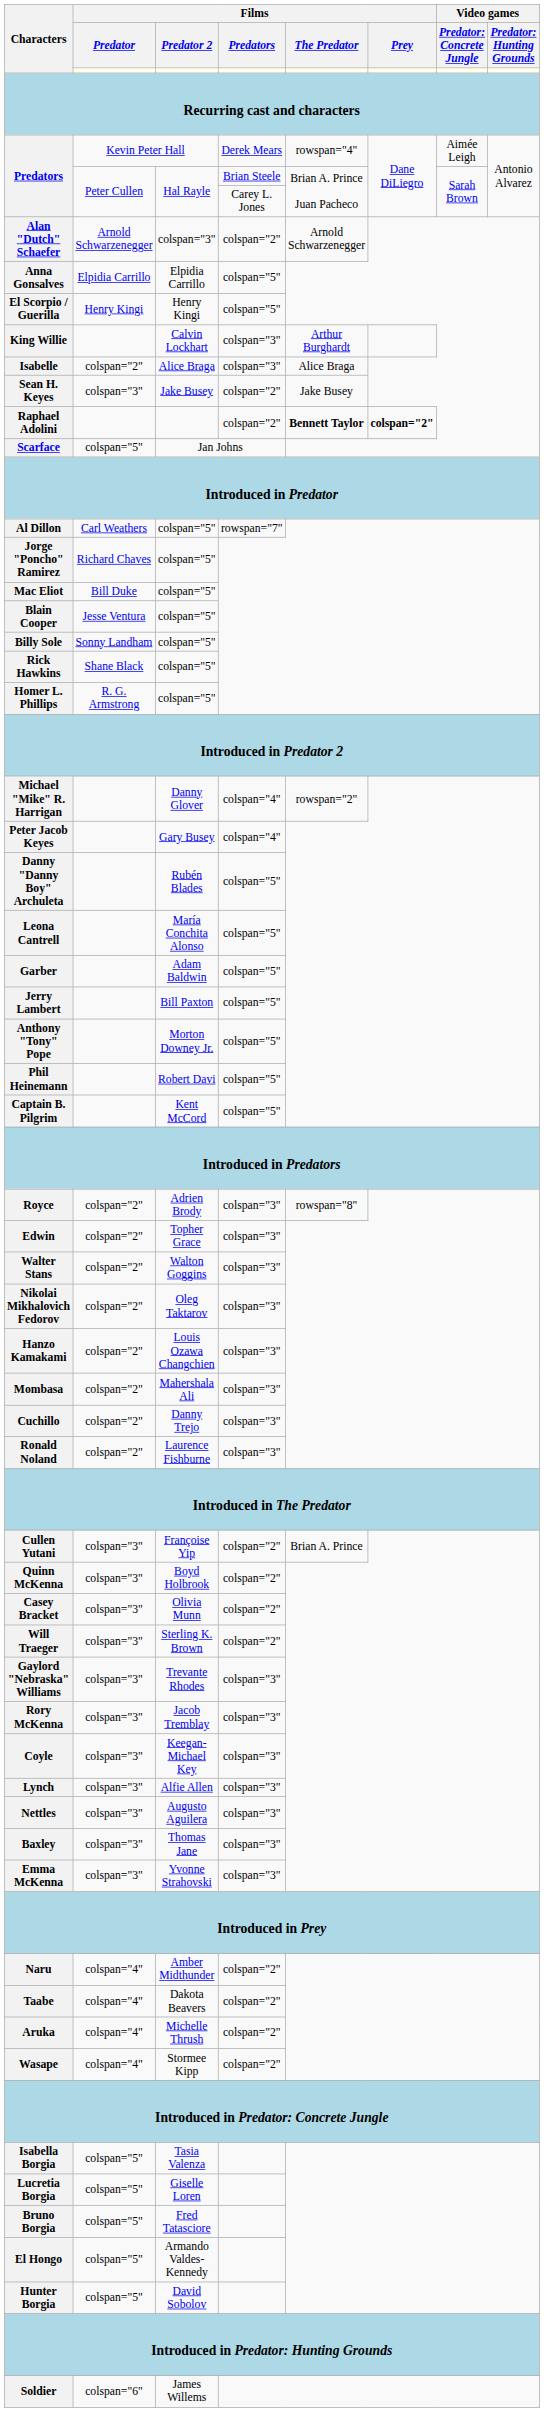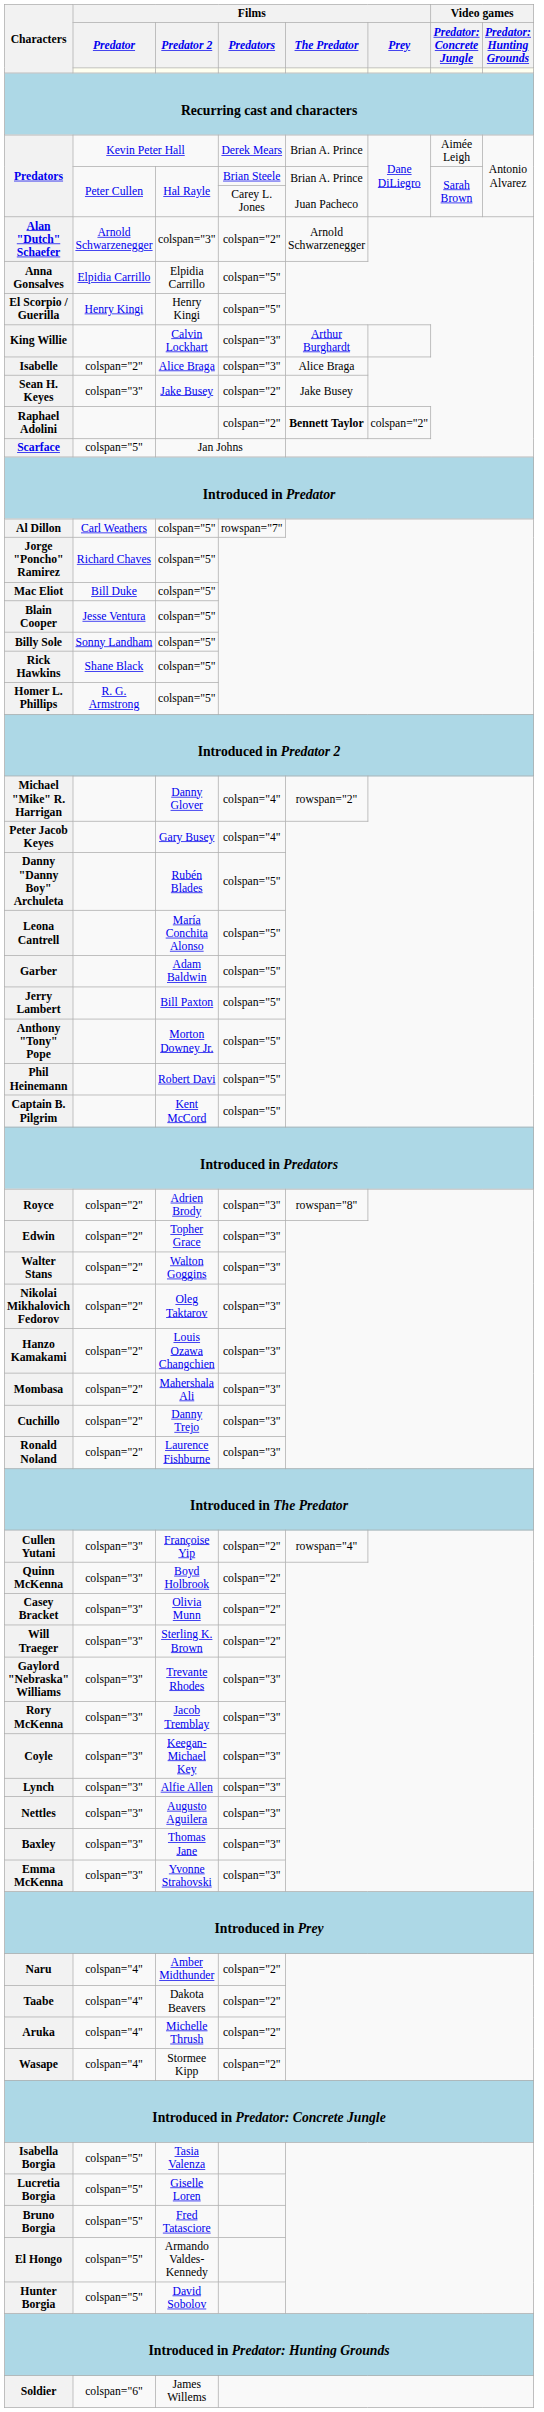 <table class="wikitable plainrowheaders" style="text-align:center;">
 <tr>
 <th scope="col" rowspan="3" align="center">Characters</th>
 <th scope="col" colspan="5">Films</th>
 <th scope="col" colspan="2">Video games</th>
 </tr>
 <tr>
 <th scope="col" align="center"><em><a href='#'>Predator</a></em></th>
 <th scope="col" align="center"><em><a href='#'>Predator 2</a></em></th>
 <th scope="col" align="center"><em><a href='#'>Predators</a></em></th>
 <th scope="col" align="center"><em><a href='#'>The Predator</a></em></th>
 <th scope="col" align="center"><em><a href='#'>Prey</a></em></th>
 <th scope="col" align="center"><em><a href='#'>Predator:<br>Concrete Jungle</a></em></th>
 <th scope="col" align="center"><em><a href='#'>Predator:<br>Hunting Grounds</a></em></th>
 </tr>
 <tr>
 <td style="background:ivory;"></td>
 <td style="background:ivory;"></td>
 <td style="background:ivory;"></td>
 <td style="background:ivory;"></td>
 <td style="background:ivory;"></td>
 <td style="background:ivory;"></td>
 <td style="background:ivory;"></td>
 </tr>
 <tr>
 <th colspan="8" style="background:lightblue;"><br><h3>Recurring cast and characters</h3></th>
 </tr>
 <tr>
 <th rowspan="3"><a href='#'>Predators</a></th>
 <td colspan="2"><a href='#'>Kevin Peter Hall</a></td>
 <td><a href='#'>Derek Mears</a><br></td>
-<td>rowspan="4" </td>
+<td>Brian A. Prince<br></td>
 <td rowspan="3"><a href='#'>Dane DiLiegro</a></td>
 <td>Aimée Leigh</td>
 <td rowspan="3">Antonio Alvarez</td>
 </tr>
 <tr>
 <td rowspan="2"><a href='#'>Peter Cullen</a></td>
 <td rowspan="2"><a href='#'>Hal Rayle</a></td>
 <td><a href='#'>Brian Steele</a><br></td>
 <td rowspan="2">Brian A. Prince<br><br>Juan Pacheco</td>
 <td rowspan="2"><a href='#'>Sarah Brown</a></td>
 </tr>
 <tr>
 <td>Carey L. Jones<br></td>
 </tr>
 <tr>
 <th><a href='#'>Alan "Dutch" Schaefer</a></th>
 <td><a href='#'>Arnold Schwarzenegger</a></td>
 <td>colspan="3" </td>
 <td>colspan="2" </td>
 <td>Arnold Schwarzenegger</td>
 </tr>
 <tr>
 <th>Anna Gonsalves</th>
 <td><a href='#'>Elpidia Carrillo</a></td>
 <td>Elpidia Carrillo</td>
 <td>colspan="5" </td>
 </tr>
 <tr>
 <th>El Scorpio / Guerilla</th>
 <td><a href='#'>Henry Kingi</a></td>
 <td>Henry Kingi</td>
 <td>colspan="5" </td>
 </tr>
 <tr>
 <th>King Willie</th>
 <td></td>
 <td><a href='#'>Calvin Lockhart</a></td>
 <td>colspan="3" </td>
 <td><a href='#'>Arthur Burghardt</a></td>
 <td></td>
 </tr>
 <tr>
 <th>Isabelle</th>
 <td>colspan="2" </td>
 <td><a href='#'>Alice Braga</a></td>
 <td>colspan="3" </td>
 <td>Alice Braga</td>
 </tr>
 <tr>
 <th>Sean H. Keyes</th>
 <td>colspan="3" </td>
 <td><a href='#'>Jake Busey</a></td>
 <td>colspan="2" </td>
 <td>Jake Busey</td>
 </tr>
 <tr>
 <th>Raphael Adolini</th>
 <td></td>
 <td></td>
 <td>colspan="2" </td>
 <td><strong>Bennett Taylor</strong></td>
-<td><strong>colspan="2" </strong></td>
+<td>colspan="2" </td>
 </tr>
 <tr>
 <th><a href='#'>Scarface</a></th>
 <td>colspan="5" </td>
 <td colspan="2">Jan Johns</td>
 </tr>
 <tr>
 <th colspan="8" style="background:lightblue;"><br><h3>Introduced in <em>Predator</em></h3></th>
 </tr>
 <tr>
 <th>Al Dillon</th>
 <td><a href='#'>Carl Weathers</a></td>
 <td>colspan="5" </td>
 <td>rowspan="7" </td>
 </tr>
 <tr>
 <th>Jorge "Poncho" Ramirez</th>
 <td><a href='#'>Richard Chaves</a></td>
 <td>colspan="5" </td>
 </tr>
 <tr>
 <th>Mac Eliot</th>
 <td><a href='#'>Bill Duke</a></td>
 <td>colspan="5" </td>
 </tr>
 <tr>
 <th>Blain Cooper</th>
 <td><a href='#'>Jesse Ventura</a></td>
 <td>colspan="5" </td>
 </tr>
 <tr>
 <th>Billy Sole</th>
 <td><a href='#'>Sonny Landham</a></td>
 <td>colspan="5" </td>
 </tr>
 <tr>
 <th>Rick Hawkins</th>
 <td><a href='#'>Shane Black</a></td>
 <td>colspan="5" </td>
 </tr>
 <tr>
 <th>Homer L. Phillips</th>
 <td><a href='#'>R. G. Armstrong</a></td>
 <td>colspan="5" </td>
 </tr>
 <tr>
 <th colspan="8" style="background:lightblue;"><br><h3>Introduced in <em>Predator 2</em></h3></th>
 </tr>
 <tr>
 <th>Michael "Mike" R. Harrigan</th>
 <td></td>
 <td><a href='#'>Danny Glover</a></td>
 <td>colspan="4" </td>
 <td>rowspan="2" </td>
 </tr>
 <tr>
 <th>Peter Jacob Keyes</th>
 <td></td>
 <td><a href='#'>Gary Busey</a></td>
 <td>colspan="4" </td>
 </tr>
 <tr>
 <th>Danny "Danny Boy" Archuleta</th>
 <td></td>
 <td><a href='#'>Rubén Blades</a></td>
 <td>colspan="5" </td>
 </tr>
 <tr>
 <th>Leona Cantrell</th>
 <td></td>
 <td><a href='#'>María Conchita Alonso</a></td>
 <td>colspan="5" </td>
 </tr>
 <tr>
 <th>Garber</th>
 <td></td>
 <td><a href='#'>Adam Baldwin</a></td>
 <td>colspan="5" </td>
 </tr>
 <tr>
 <th>Jerry Lambert</th>
 <td></td>
 <td><a href='#'>Bill Paxton</a></td>
 <td>colspan="5" </td>
 </tr>
 <tr>
 <th>Anthony "Tony" Pope</th>
 <td></td>
 <td><a href='#'>Morton Downey Jr.</a></td>
 <td>colspan="5" </td>
 </tr>
 <tr>
 <th>Phil Heinemann</th>
 <td></td>
 <td><a href='#'>Robert Davi</a></td>
 <td>colspan="5" </td>
 </tr>
 <tr>
 <th>Captain B. Pilgrim</th>
 <td></td>
 <td><a href='#'>Kent McCord</a></td>
 <td>colspan="5" </td>
 </tr>
 <tr>
 <th colspan="8" style="background:lightblue;"><br><h3>Introduced in <em>Predators</em></h3></th>
 </tr>
 <tr>
 <th>Royce</th>
 <td>colspan="2" </td>
 <td><a href='#'>Adrien Brody</a></td>
 <td>colspan="3" </td>
 <td>rowspan="8" </td>
 </tr>
 <tr>
 <th>Edwin</th>
 <td>colspan="2" </td>
 <td><a href='#'>Topher Grace</a></td>
 <td>colspan="3" </td>
 </tr>
 <tr>
 <th>Walter Stans</th>
 <td>colspan="2" </td>
 <td><a href='#'>Walton Goggins</a></td>
 <td>colspan="3" </td>
 </tr>
 <tr>
 <th>Nikolai Mikhalovich Fedorov</th>
 <td>colspan="2" </td>
 <td><a href='#'>Oleg Taktarov</a></td>
 <td>colspan="3" </td>
 </tr>
 <tr>
 <th>Hanzo Kamakami</th>
 <td>colspan="2" </td>
 <td><a href='#'>Louis Ozawa Changchien</a></td>
 <td>colspan="3" </td>
 </tr>
 <tr>
 <th>Mombasa</th>
 <td>colspan="2" </td>
 <td><a href='#'>Mahershala Ali</a></td>
 <td>colspan="3" </td>
 </tr>
 <tr>
 <th>Cuchillo</th>
 <td>colspan="2" </td>
 <td><a href='#'>Danny Trejo</a></td>
 <td>colspan="3" </td>
 </tr>
 <tr>
 <th>Ronald Noland</th>
 <td>colspan="2" </td>
 <td><a href='#'>Laurence Fishburne</a></td>
 <td>colspan="3" </td>
 </tr>
 <tr>
 <th colspan="8" style="background:lightblue;"><br><h3>Introduced in <em>The Predator</em></h3></th>
 </tr>
 <tr>
 <th>Cullen Yutani</th>
 <td>colspan="3" </td>
 <td><a href='#'>Françoise Yip</a></td>
 <td>colspan="2" </td>
-<td>Brian A. Prince<br></td>
+<td>rowspan="4" </td>
 </tr>
 <tr>
 <th>Quinn McKenna</th>
 <td>colspan="3" </td>
 <td><a href='#'>Boyd Holbrook</a></td>
 <td>colspan="2" </td>
 </tr>
 <tr>
 <th>Casey Bracket</th>
 <td>colspan="3" </td>
 <td><a href='#'>Olivia Munn</a></td>
 <td>colspan="2" </td>
 </tr>
 <tr>
 <th>Will Traeger</th>
 <td>colspan="3" </td>
 <td><a href='#'>Sterling K. Brown</a></td>
 <td>colspan="2" </td>
 </tr>
 <tr>
 <th>Gaylord "Nebraska" Williams</th>
 <td>colspan="3" </td>
 <td><a href='#'>Trevante Rhodes</a></td>
 <td>colspan="3" </td>
 </tr>
 <tr>
 <th>Rory McKenna</th>
 <td>colspan="3" </td>
 <td><a href='#'>Jacob Tremblay</a></td>
 <td>colspan="3" </td>
 </tr>
 <tr>
 <th>Coyle</th>
 <td>colspan="3" </td>
 <td><a href='#'>Keegan-Michael Key</a></td>
 <td>colspan="3" </td>
 </tr>
 <tr>
 <th>Lynch</th>
 <td>colspan="3" </td>
 <td><a href='#'>Alfie Allen</a></td>
 <td>colspan="3" </td>
 </tr>
 <tr>
 <th>Nettles</th>
 <td>colspan="3" </td>
 <td><a href='#'>Augusto Aguilera</a></td>
 <td>colspan="3" </td>
 </tr>
 <tr>
 <th>Baxley</th>
 <td>colspan="3" </td>
 <td><a href='#'>Thomas Jane</a></td>
 <td>colspan="3" </td>
 </tr>
 <tr>
 <th>Emma McKenna</th>
 <td>colspan="3" </td>
 <td><a href='#'>Yvonne Strahovski</a></td>
 <td>colspan="3" </td>
 </tr>
 <tr>
 <th colspan="8" style="background:lightblue;"><br><h3>Introduced in <em>Prey</em></h3></th>
 </tr>
 <tr>
 <th>Naru</th>
 <td>colspan="4" </td>
 <td><a href='#'>Amber Midthunder</a></td>
 <td>colspan="2" </td>
 </tr>
 <tr>
 <th>Taabe</th>
 <td>colspan="4" </td>
 <td>Dakota Beavers</td>
 <td>colspan="2" </td>
 </tr>
 <tr>
 <th>Aruka</th>
 <td>colspan="4" </td>
 <td><a href='#'>Michelle Thrush</a></td>
 <td>colspan="2" </td>
 </tr>
 <tr>
 <th>Wasape</th>
 <td>colspan="4" </td>
 <td>Stormee Kipp</td>
 <td>colspan="2" </td>
 </tr>
 <tr>
 <th colspan="8" style="background:lightblue;"><br><h3>Introduced in <em>Predator: Concrete Jungle</em></h3></th>
 </tr>
 <tr>
 <th>Isabella Borgia<br></th>
 <td>colspan="5" </td>
 <td><a href='#'>Tasia Valenza</a></td>
 <td></td>
 </tr>
 <tr>
 <th>Lucretia Borgia</th>
 <td>colspan="5" </td>
 <td><a href='#'>Giselle Loren</a></td>
 <td></td>
 </tr>
 <tr>
 <th>Bruno Borgia</th>
 <td>colspan="5" </td>
 <td><a href='#'>Fred Tatasciore</a></td>
 <td></td>
 </tr>
 <tr>
 <th>El Hongo</th>
 <td>colspan="5" </td>
 <td>Armando Valdes-Kennedy</td>
 <td></td>
 </tr>
 <tr>
 <th>Hunter Borgia</th>
 <td>colspan="5" </td>
 <td><a href='#'>David Sobolov</a></td>
 <td></td>
 </tr>
 <tr>
 <th colspan="8" style="background:lightblue;"><br><h3>Introduced in <em>Predator: Hunting Grounds</em></h3></th>
 </tr>
 <tr>
 <th>Soldier</th>
 <td>colspan="6" </td>
 <td>James Willems</td>
 </tr>
 </table>
